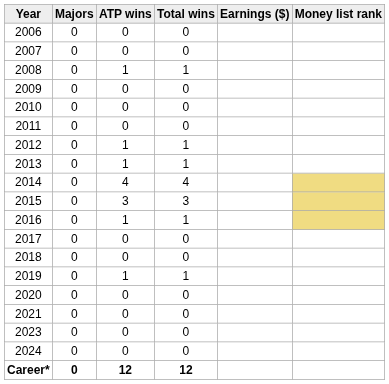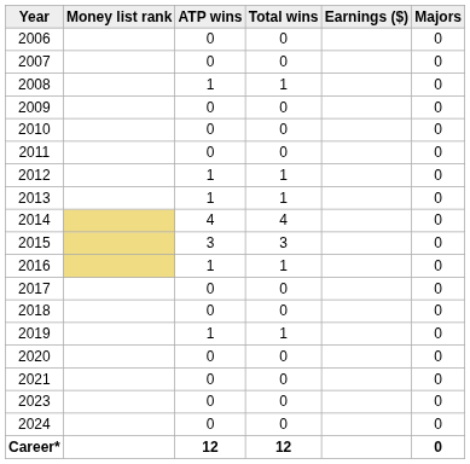 <table cellpadding=3 cellspacing=0 border=1 style="font-size:100%; border:#aaa; solid:1px; border-collapse:collapse; text-align:center">
 <tr bgcolor=EEEEEE>
 <th>Year</th>
-<th>Majors</th>
+<th>Money list rank</th>
 <th>ATP wins</th>
 <th>Total wins</th>
 <th>Earnings ($)</th>
-<th>Money list rank</th>
+<th>Majors</th>
 </tr>
 <tr>
 <td>2006</td>
-<td>0</td>
+<td></td>
 <td>0</td>
 <td>0</td>
 <td align=right></td>
-<td></td>
+<td>0</td>
 </tr>
 <tr>
 <td>2007</td>
-<td>0</td>
+<td></td>
 <td>0</td>
 <td>0</td>
 <td align=right></td>
-<td></td>
+<td>0</td>
 </tr>
 <tr>
 <td>2008</td>
-<td>0</td>
+<td></td>
 <td>1</td>
 <td>1</td>
 <td align=right></td>
-<td></td>
+<td>0</td>
 </tr>
 <tr>
 <td>2009</td>
-<td>0</td>
+<td></td>
 <td>0</td>
 <td>0</td>
 <td align=right></td>
-<td></td>
+<td>0</td>
 </tr>
 <tr>
 <td>2010</td>
-<td>0</td>
+<td></td>
 <td>0</td>
 <td>0</td>
 <td align=right></td>
-<td></td>
+<td>0</td>
 </tr>
 <tr>
 <td>2011</td>
-<td>0</td>
+<td></td>
 <td>0</td>
 <td>0</td>
 <td align=right></td>
-<td></td>
+<td>0</td>
 </tr>
 <tr>
 <td>2012</td>
-<td>0</td>
+<td></td>
 <td>1</td>
 <td>1</td>
 <td align=right></td>
-<td></td>
+<td>0</td>
 </tr>
 <tr>
 <td>2013</td>
-<td>0</td>
+<td></td>
 <td>1</td>
 <td>1</td>
 <td align=right></td>
-<td></td>
+<td>0</td>
 </tr>
 <tr>
 <td>2014</td>
-<td>0</td>
+<td bgcolor=f0dc82></td>
 <td>4</td>
 <td>4</td>
 <td align=right></td>
-<td bgcolor=f0dc82></td>
+<td>0</td>
 </tr>
 <tr>
 <td>2015</td>
-<td>0</td>
+<td bgcolor=f0dc82></td>
 <td>3</td>
 <td>3</td>
 <td align=right></td>
-<td bgcolor=f0dc82></td>
+<td>0</td>
 </tr>
 <tr>
 <td>2016</td>
-<td>0</td>
+<td bgcolor=f0dc82></td>
 <td>1</td>
 <td>1</td>
 <td align=right></td>
-<td bgcolor=f0dc82></td>
+<td>0</td>
 </tr>
 <tr>
 <td>2017</td>
-<td>0</td>
+<td></td>
 <td>0</td>
 <td>0</td>
 <td align=right></td>
-<td></td>
+<td>0</td>
 </tr>
 <tr>
 <td>2018</td>
-<td>0</td>
+<td></td>
 <td>0</td>
 <td>0</td>
 <td align=right></td>
-<td></td>
+<td>0</td>
 </tr>
 <tr>
 <td>2019</td>
-<td>0</td>
+<td></td>
 <td>1</td>
 <td>1</td>
 <td align=right></td>
-<td></td>
+<td>0</td>
 </tr>
 <tr>
 <td>2020</td>
-<td>0</td>
+<td></td>
 <td>0</td>
 <td>0</td>
 <td align=right></td>
-<td></td>
+<td>0</td>
 </tr>
 <tr>
 <td>2021</td>
-<td>0</td>
+<td></td>
 <td>0</td>
 <td>0</td>
 <td align=right></td>
-<td></td>
+<td>0</td>
 </tr>
 <tr>
 <td>2023</td>
-<td>0</td>
+<td></td>
 <td>0</td>
 <td>0</td>
 <td align=right></td>
-<td></td>
+<td>0</td>
 </tr>
 <tr>
 <td>2024</td>
-<td>0</td>
+<td></td>
 <td>0</td>
 <td>0</td>
 <td align=right></td>
-<td></td>
+<td>0</td>
 </tr>
 <tr>
 <th>Career*</th>
-<th>0</th>
+<th></th>
 <th>12</th>
 <th>12</th>
 <th align=right></th>
-<th></th>
+<th>0</th>
 </tr>
 </table>
